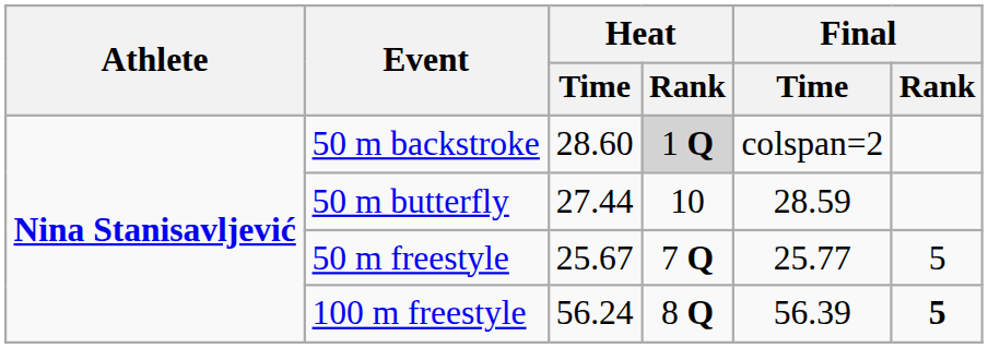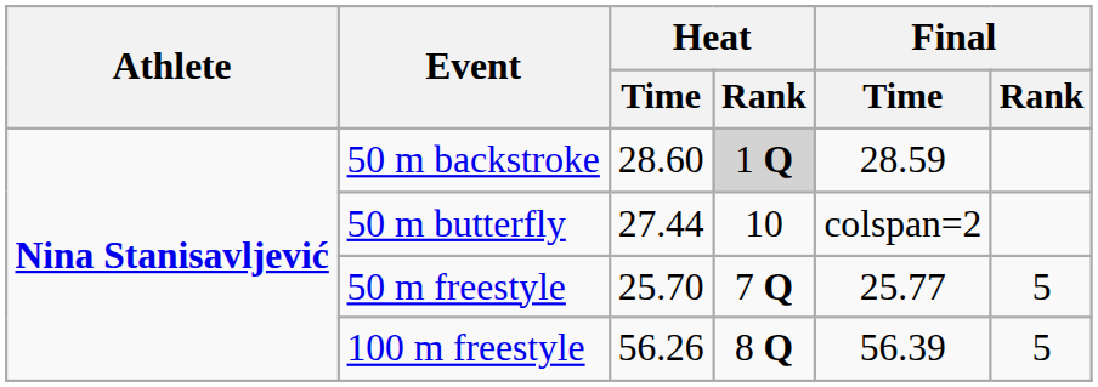 <table class=wikitable style="font-size:90%">
 <tr>
 <th rowspan="2">Athlete</th>
 <th rowspan="2">Event</th>
 <th colspan="2">Heat</th>
 <th colspan="2">Final</th>
 </tr>
 <tr style="font-size:95%">
 <th>Time</th>
 <th>Rank</th>
 <th>Time</th>
 <th>Rank</th>
 </tr>
 <tr align=center>
 <td align=left rowspan=4><strong><a href='#'>Nina Stanisavljević</a></strong></td>
 <td align=left><a href='#'>50 m backstroke</a></td>
 <td>28.60</td>
 <td style="background: lightgrey;">1 <strong>Q</strong></td>
-<td>colspan=2 </td>
+<td>28.59</td>
 <td></td>
 </tr>
 <tr align=center>
 <td align=left><a href='#'>50 m butterfly</a></td>
 <td>27.44</td>
 <td>10</td>
-<td>28.59</td>
+<td>colspan=2 </td>
 </tr>
 <tr align=center>
 <td align=left><a href='#'>50 m freestyle</a></td>
-<td>25.67</td>
+<td>25.70</td>
 <td>7 <strong>Q</strong></td>
 <td>25.77</td>
 <td>5</td>
 </tr>
 <tr align=center>
 <td align=left><a href='#'>100 m freestyle</a></td>
-<td>56.24</td>
+<td>56.26</td>
 <td>8 <strong>Q</strong></td>
 <td>56.39</td>
-<td><strong>5</strong></td>
+<td>5</td>
 </tr>
 </table>
